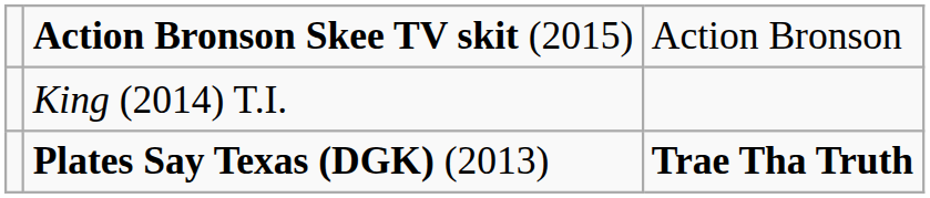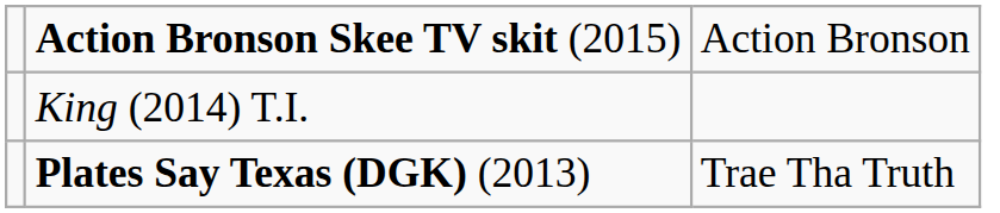 <table class="creditList creditByType wikitable">
 <tr>
 <td></td>
 <td><strong>Action Bronson Skee TV skit</strong> (2015)</td>
 <td>Action Bronson</td>
 </tr>
 <tr>
 <td></td>
 <td><em>King</em> (2014) T.I.</td>
 </tr>
 <tr>
 <td></td>
 <td><strong>Plates Say Texas (DGK)</strong> (2013)</td>
-<td><strong>Trae Tha Truth</strong></td>
+<td>Trae Tha Truth</td>
 </tr>
 </table>
